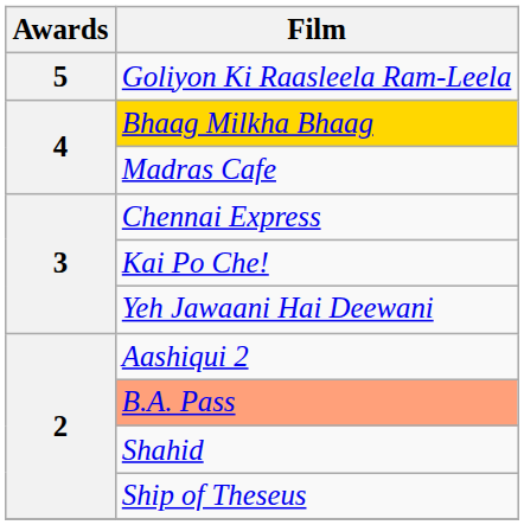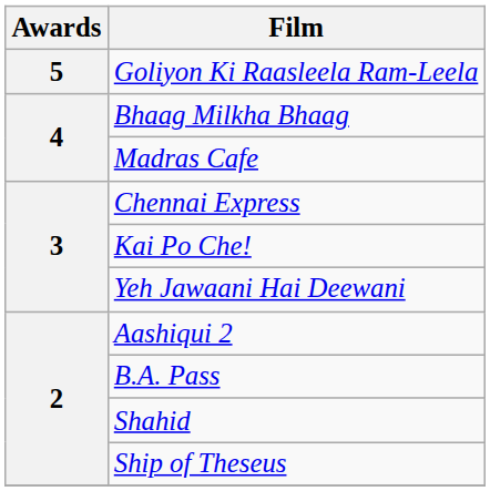 <table class="wikitable" style="display:inline-table;">
 <tr>
 <th>Awards</th>
 <th>Film</th>
 </tr>
 <tr>
 <th>5</th>
 <td><em><a href='#'>Goliyon Ki Raasleela Ram-Leela</a></em></td>
 </tr>
 <tr>
 <th rowspan="2">4</th>
-<td style="background: gold;"><em><a href='#'>Bhaag Milkha Bhaag</a></em></td>
+<td><em><a href='#'>Bhaag Milkha Bhaag</a></em></td>
 </tr>
 <tr>
 <td><em><a href='#'>Madras Cafe</a></em></td>
 </tr>
 <tr>
 <th rowspan="3">3</th>
 <td><em><a href='#'>Chennai Express</a></em></td>
 </tr>
 <tr>
 <td><em><a href='#'>Kai Po Che!</a></em></td>
 </tr>
 <tr>
 <td><em><a href='#'>Yeh Jawaani Hai Deewani</a></em></td>
 </tr>
 <tr>
 <th rowspan="4">2</th>
 <td><em><a href='#'>Aashiqui 2</a></em></td>
 </tr>
 <tr>
-<td style="background: lightsalmon;"><em><a href='#'>B.A. Pass</a></em></td>
+<td><em><a href='#'>B.A. Pass</a></em></td>
 </tr>
 <tr>
 <td><em><a href='#'>Shahid</a></em></td>
 </tr>
 <tr>
 <td><em><a href='#'>Ship of Theseus</a></em></td>
 </tr>
 <tr>
 </tr>
 </table>
